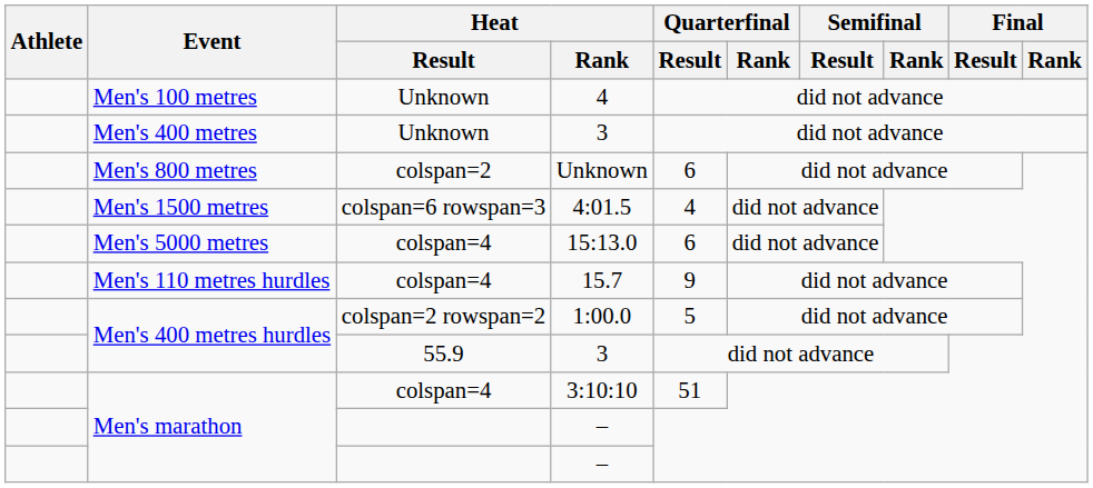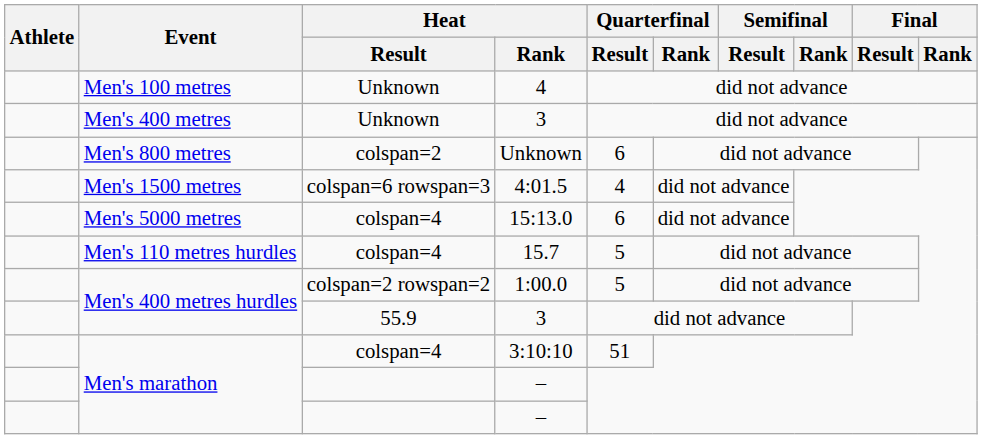 <table class="wikitable sortable" style=text-align:center>
 <tr>
 <th rowspan=2>Athlete</th>
 <th rowspan=2>Event</th>
 <th colspan=2>Heat</th>
 <th colspan=2>Quarterfinal</th>
 <th colspan=2>Semifinal</th>
 <th colspan=2>Final</th>
 </tr>
 <tr>
 <th>Result</th>
 <th>Rank</th>
 <th>Result</th>
 <th>Rank</th>
 <th>Result</th>
 <th>Rank</th>
 <th>Result</th>
 <th>Rank</th>
 </tr>
 <tr>
 <td align=left></td>
 <td align=left><a href='#'>Men's 100 metres</a></td>
 <td>Unknown</td>
 <td>4</td>
 <td colspan=6>did not advance</td>
 </tr>
 <tr>
 <td align=left></td>
 <td align=left><a href='#'>Men's 400 metres</a></td>
 <td>Unknown</td>
 <td>3</td>
 <td colspan=6>did not advance</td>
 </tr>
 <tr>
 <td align=left></td>
 <td align=left><a href='#'>Men's 800 metres</a></td>
 <td>colspan=2 </td>
 <td>Unknown</td>
 <td>6</td>
 <td colspan=4>did not advance</td>
 </tr>
 <tr>
 <td align=left></td>
 <td align=left><a href='#'>Men's 1500 metres</a></td>
 <td>colspan=6 rowspan=3 </td>
 <td>4:01.5</td>
 <td>4</td>
 <td colspan=2>did not advance</td>
 </tr>
 <tr>
 <td align=left></td>
 <td align=left><a href='#'>Men's 5000 metres</a></td>
 <td>colspan=4 </td>
 <td>15:13.0</td>
 <td>6</td>
 <td colspan=2>did not advance</td>
 </tr>
 <tr>
 <td align=left></td>
 <td align=left><a href='#'>Men's 110 metres hurdles</a></td>
 <td>colspan=4 </td>
 <td>15.7</td>
-<td>9</td>
+<td>5</td>
 <td colspan=4>did not advance</td>
 </tr>
 <tr>
 <td align=left></td>
 <td align=left rowspan=2><a href='#'>Men's 400 metres hurdles</a></td>
 <td>colspan=2 rowspan=2 </td>
 <td>1:00.0</td>
 <td>5</td>
 <td colspan=4>did not advance</td>
 </tr>
 <tr>
 <td align=left></td>
 <td>55.9</td>
 <td>3</td>
 <td colspan=4>did not advance</td>
 </tr>
 <tr>
 <td align=left></td>
 <td align=left rowspan=3><a href='#'>Men's marathon</a></td>
 <td>colspan=4 </td>
 <td>3:10:10</td>
 <td>51</td>
 </tr>
 <tr>
 <td align=left></td>
 <td></td>
 <td>–</td>
 </tr>
 <tr>
 <td align=left></td>
 <td></td>
 <td>–</td>
 </tr>
 </table>
